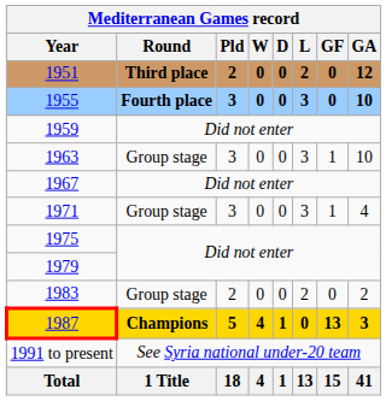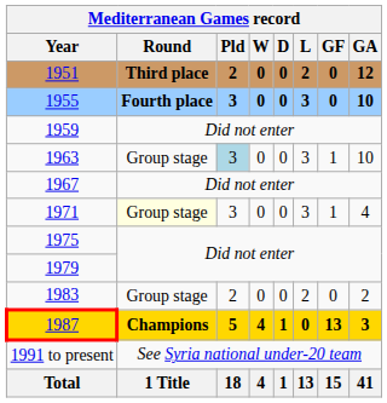 <table class="wikitable" style="text-align: center;font-size:90%;">
 <tr>
 <th colspan=9><a href='#'>Mediterranean Games</a> record</th>
 </tr>
 <tr>
 <th>Year</th>
 <th>Round</th>
 <th>Pld</th>
 <th>W</th>
 <th>D</th>
 <th>L</th>
 <th>GF</th>
 <th>GA</th>
 </tr>
 <tr style="background:#c96;">
 <td> <a href='#'>1951</a></td>
 <td><strong>Third place</strong></td>
 <td><strong>2</strong></td>
 <td><strong>0</strong></td>
 <td><strong>0</strong></td>
 <td><strong>2</strong></td>
 <td><strong>0</strong></td>
 <td><strong>12</strong></td>
 </tr>
 <tr style="background:#9acdff;">
 <td> <a href='#'>1955</a></td>
 <td><strong>Fourth place</strong></td>
 <td><strong>3</strong></td>
 <td><strong>0</strong></td>
 <td><strong>0</strong></td>
 <td><strong>3</strong></td>
 <td><strong>0</strong></td>
 <td><strong>10</strong></td>
 </tr>
 <tr>
 <td> <a href='#'>1959</a></td>
 <td colspan=7><em>Did not enter</em></td>
 </tr>
 <tr>
 <td> <a href='#'>1963</a></td>
 <td>Group stage</td>
-<td>3</td>
+<td style="background: lightblue;">3</td>
 <td>0</td>
 <td>0</td>
 <td>3</td>
 <td>1</td>
 <td>10</td>
 </tr>
 <tr>
 <td> <a href='#'>1967</a></td>
 <td colspan=7><em>Did not enter</em></td>
 </tr>
 <tr>
 <td> <a href='#'>1971</a></td>
-<td>Group stage</td>
+<td style="background: lightyellow;">Group stage</td>
 <td>3</td>
 <td>0</td>
 <td>0</td>
 <td>3</td>
 <td>1</td>
 <td>4</td>
 </tr>
 <tr>
 <td><a href='#'>1975</a></td>
 <td colspan=7 rowspan=2><em>Did not enter</em></td>
 </tr>
 <tr>
 <td> <a href='#'>1979</a></td>
 </tr>
 <tr>
 <td> <a href='#'>1983</a></td>
 <td>Group stage</td>
 <td>2</td>
 <td>0</td>
 <td>0</td>
 <td>2</td>
 <td>0</td>
 <td>2</td>
 </tr>
 <tr bgcolor=gold>
 <td style="border: 3px solid red"> <a href='#'>1987</a></td>
 <td><strong>Champions</strong></td>
 <td><strong>5</strong></td>
 <td><strong>4</strong></td>
 <td><strong>1</strong></td>
 <td><strong>0</strong></td>
 <td><strong>13</strong></td>
 <td><strong>3</strong></td>
 </tr>
 <tr>
 <td> <a href='#'>1991</a> to present</td>
 <td colspan=9><em>See <a href='#'>Syria national under-20 team</a></em></td>
 </tr>
 <tr>
 <th><strong>Total</strong></th>
 <th><strong>1 Title</strong></th>
 <th><strong>18</strong></th>
 <th><strong>4</strong></th>
 <th><strong>1</strong></th>
 <th><strong>13</strong></th>
 <th><strong>15</strong></th>
 <th><strong>41</strong></th>
 </tr>
 </table>
